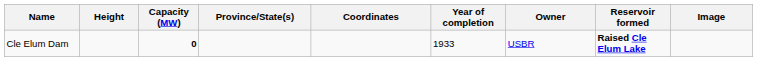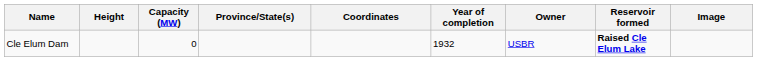 <table class="wikitable sortable" border="1">
 <tr>
 <th width="10%">Name</th>
 <th width="8%">Height</th>
 <th width="8%">Capacity (<a href='#'>MW</a>)</th>
 <th width="15%">Province/State(s)</th>
 <th width="16%">Coordinates</th>
 <th width="10%">Year of completion</th>
 <th width="12%">Owner</th>
 <th width="10%">Reservoir formed</th>
 <th>Image</th>
 </tr>
 <tr>
 <td>Cle Elum Dam</td>
 <td></td>
-<td align="right"><strong>0</strong></td>
+<td align="right">0</td>
 <td></td>
 <td></td>
-<td>1933</td>
+<td>1932</td>
 <td><a href='#'>USBR</a></td>
 <td><strong>Raised <a href='#'>Cle Elum Lake</a></strong></td>
 <td><br></td>
 </tr>
 </table>
